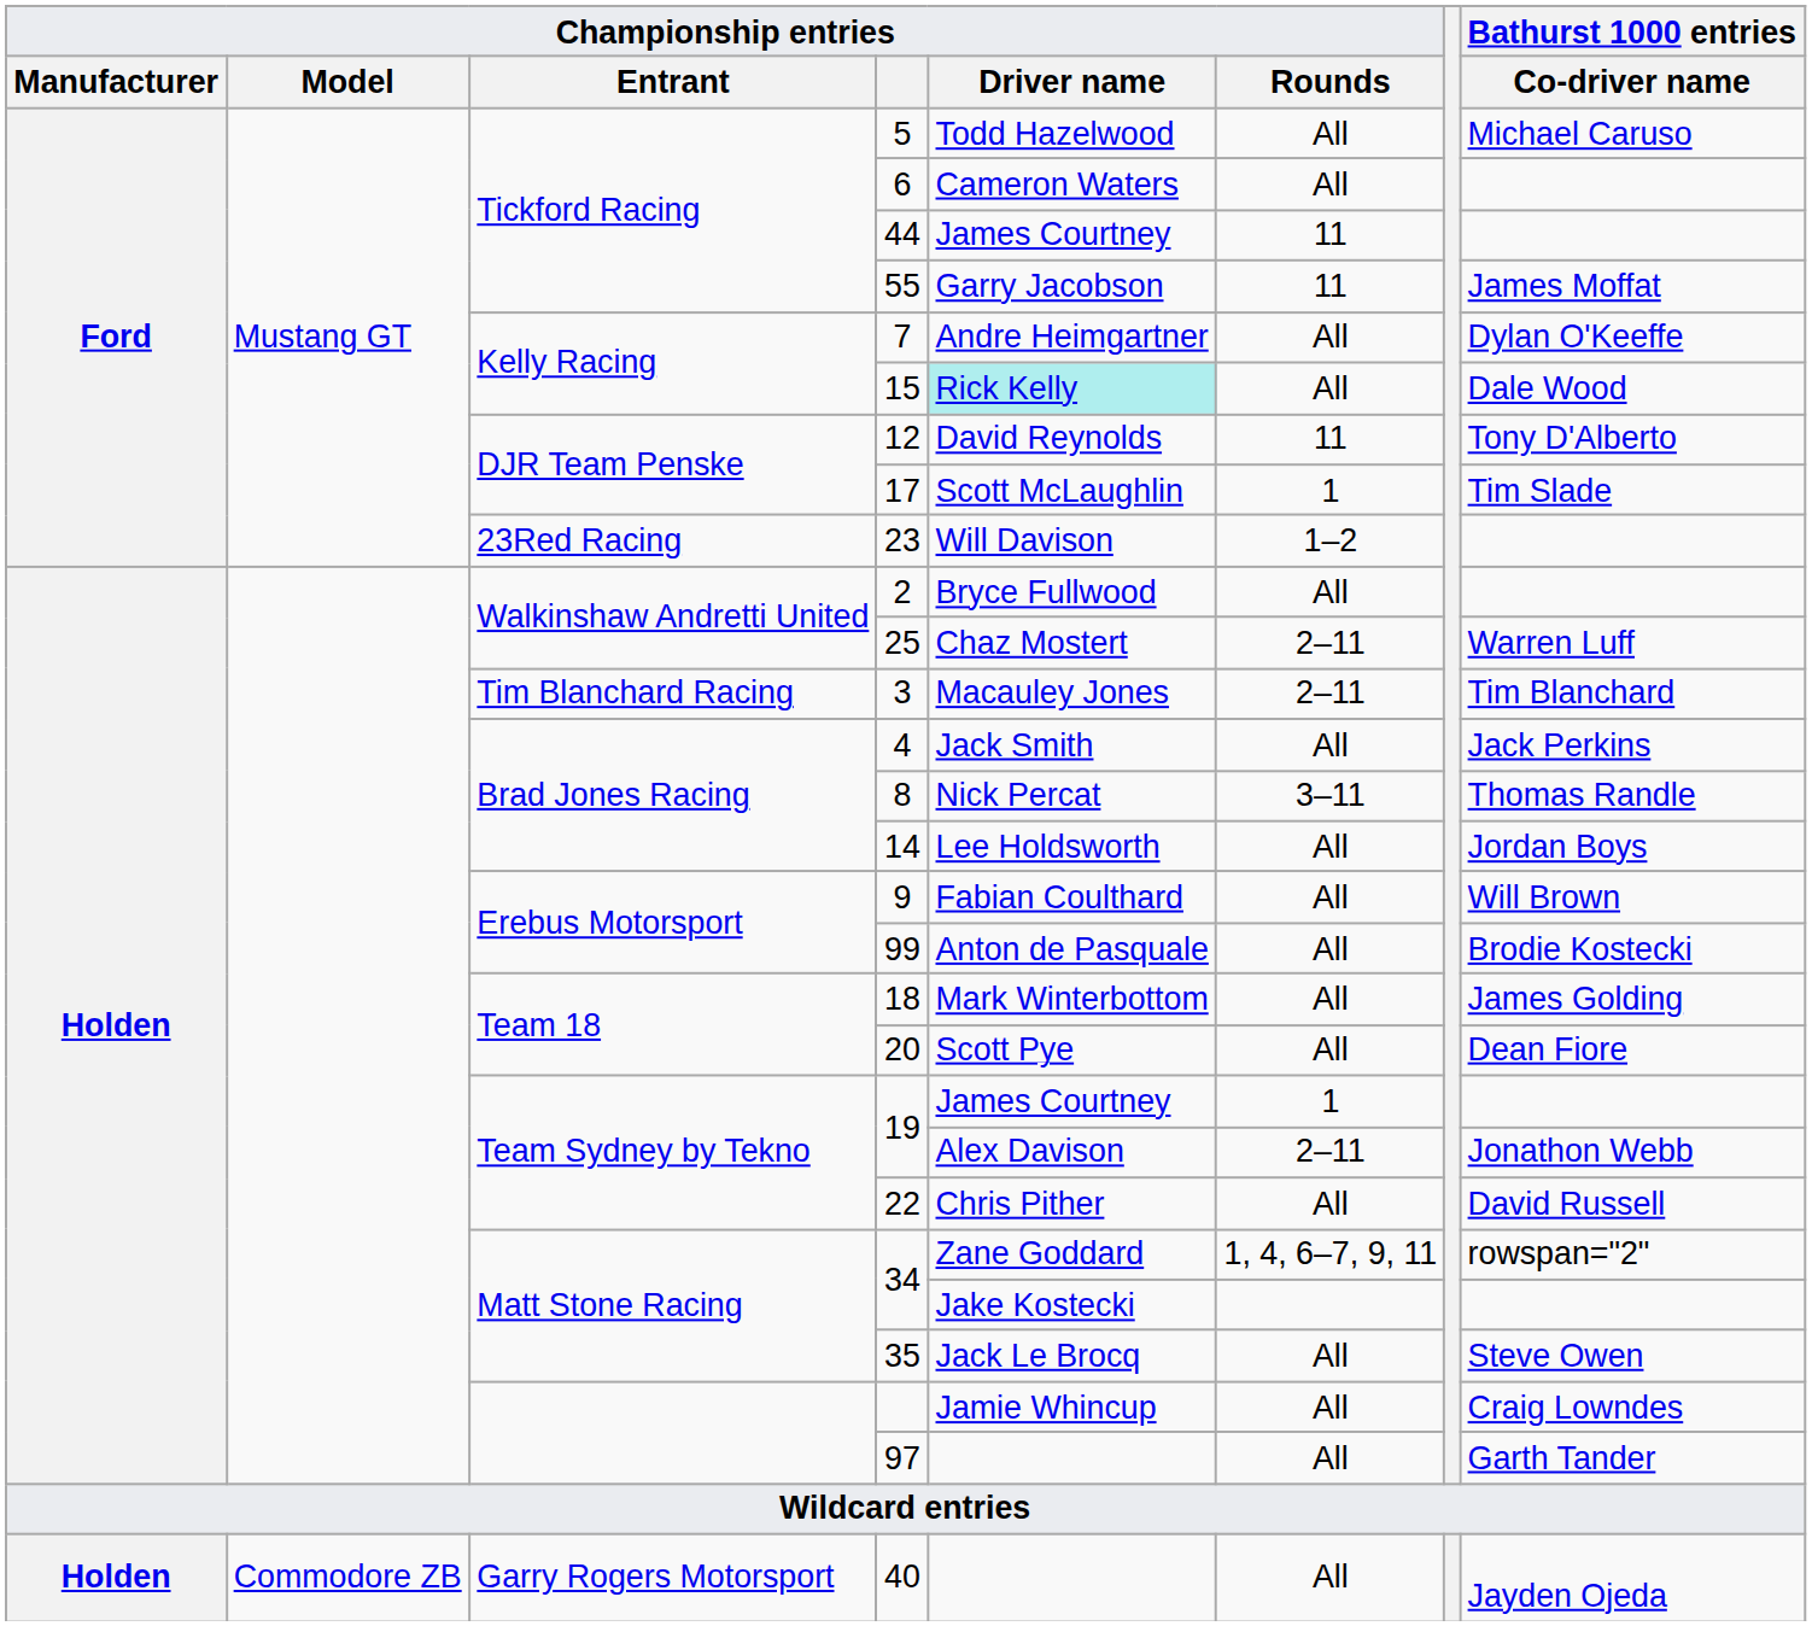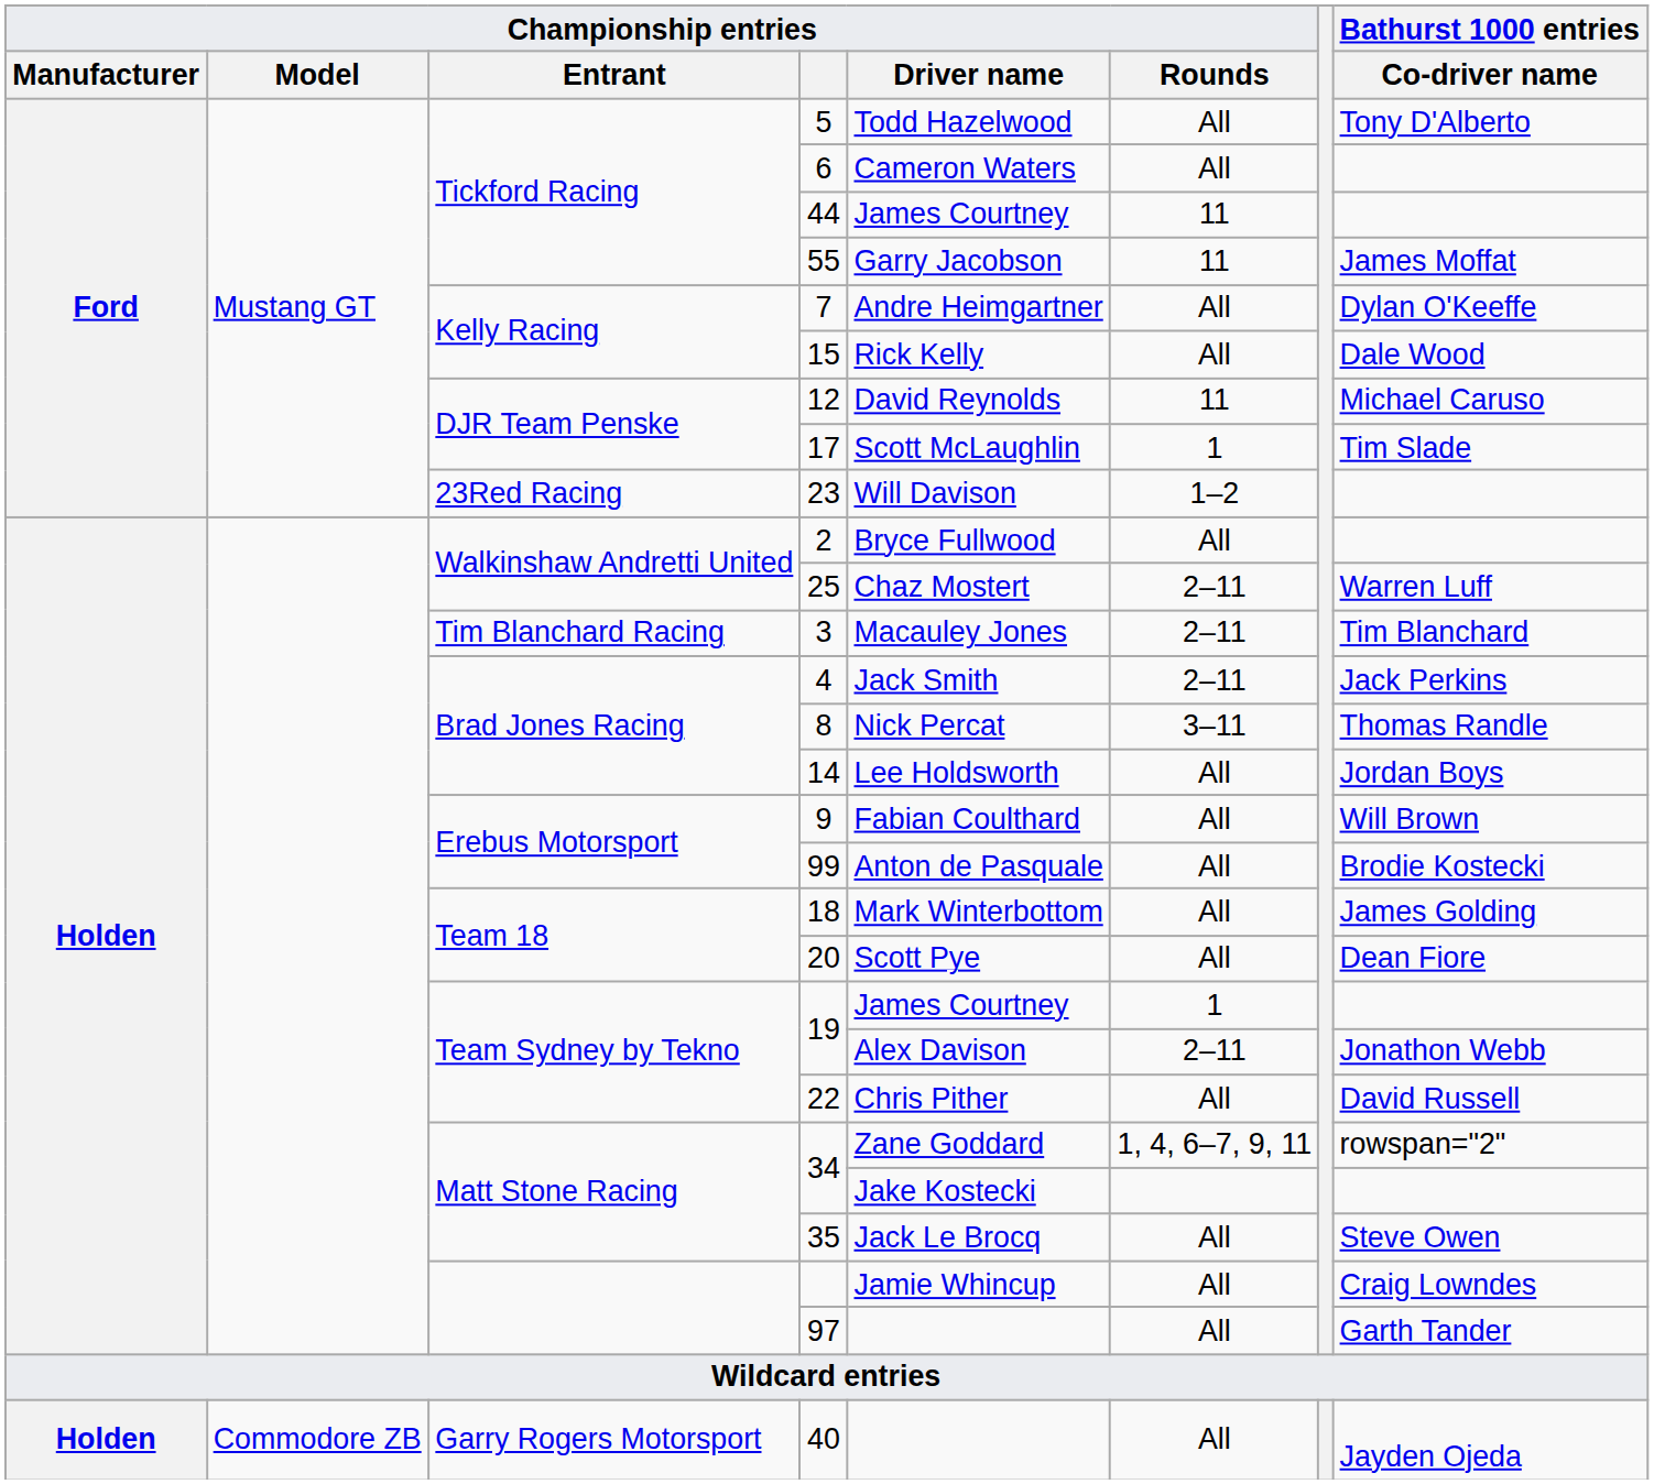 <table class="wikitable sortable" style="font-size: 85%">
 <tr>
 <td style="background:#eaecf0; text-align:center;" colspan="6"><strong>Championship entries</strong></td>
 <th rowspan="29"></th>
 <th><a href='#'>Bathurst 1000</a> entries</th>
 </tr>
 <tr>
 <th>Manufacturer</th>
 <th>Model</th>
 <th>Entrant</th>
 <th valign="middle"></th>
 <th>Driver name</th>
 <th>Rounds</th>
 <th>Co-driver name</th>
 </tr>
 <tr>
 <th rowspan="9"><a href='#'>Ford</a></th>
 <td rowspan="9"><a href='#'>Mustang GT</a></td>
 <td rowspan="4"><a href='#'>Tickford Racing</a></td>
 <td align="center" id="5">5</td>
 <td> <a href='#'>Todd Hazelwood</a></td>
 <td align="center">All</td>
-<td> <a href='#'>Michael Caruso</a></td>
+<td> <a href='#'>Tony D'Alberto</a></td>
 </tr>
 <tr>
 <td align="center" id="6">6</td>
 <td> <a href='#'>Cameron Waters</a></td>
 <td align="center">All</td>
 <td></td>
 </tr>
 <tr>
 <td align="center" id="44">44</td>
 <td> <a href='#'>James Courtney</a></td>
 <td align="center">11</td>
 <td></td>
 </tr>
 <tr>
 <td align="center" id="55">55</td>
 <td> <a href='#'>Garry Jacobson</a></td>
 <td align="center">11</td>
 <td> <a href='#'>James Moffat</a></td>
 </tr>
 <tr>
 <td rowspan="2"><a href='#'>Kelly Racing</a></td>
 <td align="center" id="7">7</td>
 <td> <a href='#'>Andre Heimgartner</a></td>
 <td align="center">All</td>
 <td> <a href='#'>Dylan O'Keeffe</a></td>
 </tr>
 <tr>
 <td align="center" id="15">15</td>
-<td style="background: paleturquoise;"> <a href='#'>Rick Kelly</a></td>
+<td> <a href='#'>Rick Kelly</a></td>
 <td align="center">All</td>
 <td> <a href='#'>Dale Wood</a></td>
 </tr>
 <tr>
 <td rowspan="2"><a href='#'>DJR Team Penske</a></td>
 <td align="center" id="12">12</td>
 <td> <a href='#'>David Reynolds</a></td>
 <td align="center">11</td>
-<td> <a href='#'>Tony D'Alberto</a></td>
+<td> <a href='#'>Michael Caruso</a></td>
 </tr>
 <tr>
 <td align="center" id="17">17</td>
 <td> <a href='#'>Scott McLaughlin</a></td>
 <td align="center">1</td>
 <td> <a href='#'>Tim Slade</a></td>
 </tr>
 <tr>
 <td><a href='#'>23Red Racing</a></td>
 <td align="center" id="23">23</td>
 <td> <a href='#'>Will Davison</a></td>
 <td align="center">1–2</td>
 <td></td>
 </tr>
 <tr>
 <th rowspan="18"><a href='#'>Holden</a></th>
 <td rowspan="18"></td>
 <td rowspan="2"><a href='#'>Walkinshaw Andretti United</a></td>
 <td align="center" id="2">2</td>
 <td> <a href='#'>Bryce Fullwood</a></td>
 <td align="center">All</td>
 <td></td>
 </tr>
 <tr>
 <td align="center" id="25">25</td>
 <td> <a href='#'>Chaz Mostert</a></td>
 <td align="center">2–11</td>
 <td> <a href='#'>Warren Luff</a></td>
 </tr>
 <tr>
 <td><a href='#'>Tim Blanchard Racing</a></td>
 <td align="center" id="3">3</td>
 <td> <a href='#'>Macauley Jones</a></td>
 <td align="center">2–11</td>
 <td> <a href='#'>Tim Blanchard</a></td>
 </tr>
 <tr>
 <td rowspan="3"><a href='#'>Brad Jones Racing</a></td>
 <td align="center" id="4">4</td>
 <td> <a href='#'>Jack Smith</a></td>
-<td align="center">All</td>
+<td align="center">2–11</td>
 <td>  <a href='#'>Jack Perkins</a></td>
 </tr>
 <tr>
 <td align="center" id="8">8</td>
 <td> <a href='#'>Nick Percat</a></td>
 <td align="center">3–11</td>
 <td> <a href='#'>Thomas Randle</a></td>
 </tr>
 <tr>
 <td align="center" id="14">14</td>
 <td> <a href='#'>Lee Holdsworth</a></td>
 <td align="center">All</td>
 <td> <a href='#'>Jordan Boys</a></td>
 </tr>
 <tr>
 <td rowspan="2"><a href='#'>Erebus Motorsport</a></td>
 <td align="center" id="9">9</td>
 <td> <a href='#'>Fabian Coulthard</a></td>
 <td align="center">All</td>
 <td> <a href='#'>Will Brown</a></td>
 </tr>
 <tr>
 <td align="center" id="99">99</td>
 <td> <a href='#'>Anton de Pasquale</a></td>
 <td align="center">All</td>
 <td nowrap> <a href='#'>Brodie Kostecki</a></td>
 </tr>
 <tr>
 <td rowspan="2" nowrap><a href='#'>Team 18</a></td>
 <td align="center" id="18">18</td>
 <td> <a href='#'>Mark Winterbottom</a></td>
 <td align="center">All</td>
 <td> <a href='#'>James Golding</a></td>
 </tr>
 <tr>
 <td align="center" id="20">20</td>
 <td> <a href='#'>Scott Pye</a></td>
 <td align="center">All</td>
 <td nowrap> <a href='#'>Dean Fiore</a></td>
 </tr>
 <tr>
 <td rowspan="3"><a href='#'>Team Sydney by Tekno</a></td>
 <td align="center" rowspan="2" id="19">19</td>
 <td> <a href='#'>James Courtney</a></td>
 <td align="center">1</td>
 <td></td>
 </tr>
 <tr>
 <td> <a href='#'>Alex Davison</a></td>
 <td align="center">2–11</td>
 <td> <a href='#'>Jonathon Webb</a></td>
 </tr>
 <tr>
 <td align="center" id="22">22</td>
 <td> <a href='#'>Chris Pither</a></td>
 <td align="center">All</td>
 <td> <a href='#'>David Russell</a></td>
 </tr>
 <tr>
 <td rowspan="3"><a href='#'>Matt Stone Racing</a></td>
 <td rowspan="2" align="center" id="34">34</td>
 <td> <a href='#'>Zane Goddard</a></td>
 <td align="center">1, 4, 6–7, 9, 11</td>
 <td>rowspan="2" </td>
 </tr>
 <tr>
 <td> <a href='#'>Jake Kostecki</a></td>
 <td align="center"></td>
 </tr>
 <tr>
 <td align="center" id="35">35</td>
 <td> <a href='#'>Jack Le Brocq</a></td>
 <td align="center">All</td>
 <td> <a href='#'>Steve Owen</a></td>
 </tr>
 <tr>
 <td rowspan="2"></td>
 <td align="center" id="88"></td>
 <td> <a href='#'>Jamie Whincup</a></td>
 <td align="center">All</td>
 <td> <a href='#'>Craig Lowndes</a></td>
 </tr>
 <tr>
 <td align="center" id="97">97</td>
 <td></td>
 <td align="center">All</td>
 <td> <a href='#'>Garth Tander</a></td>
 </tr>
 <tr>
 <td colspan="10" style="background:#eaecf0; text-align:center;"><strong>Wildcard entries</strong></td>
 </tr>
 <tr>
 <th><a href='#'>Holden</a></th>
 <td><a href='#'>Commodore ZB</a></td>
 <td><a href='#'>Garry Rogers Motorsport</a></td>
 <td align="center" id="40">40</td>
 <td></td>
 <td align="center">All</td>
 <th></th>
 <td><br> <a href='#'>Jayden Ojeda</a></td>
 </tr>
 </table>
